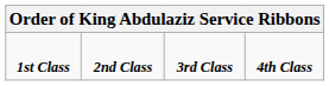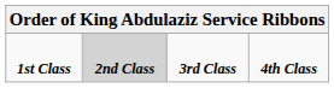 <table class="wikitable" style="margin: 1em auto;">
 <tr>
 <th colspan="4">Order of King Abdulaziz Service Ribbons</th>
 </tr>
 <tr align="center">
 <td><br><em><small><strong>1st Class</strong></small></em></td>
-<td><br><em><small><strong>2nd Class</strong></small></em></td>
+<td style="background: lightgrey;"><br><em><small><strong>2nd Class</strong></small></em></td>
 <td><br><em><small><strong>3rd Class</strong></small></em></td>
 <td><br><em><small><strong>4th Class</strong></small></em></td>
 </tr>
 </table>
